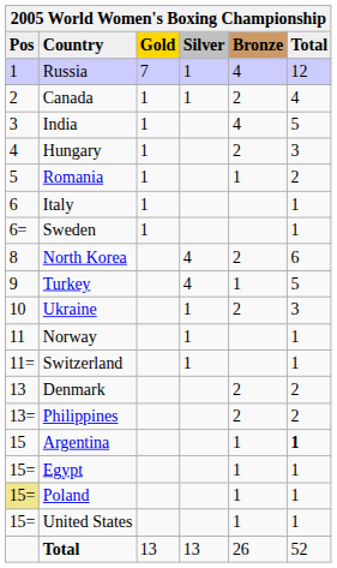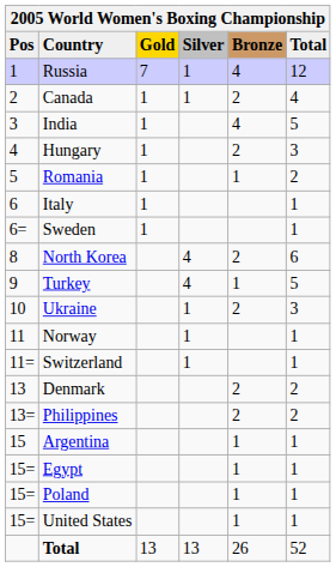 <table class="wikitable">
 <tr>
 <th colspan=7 style="border-right:0px;";><strong>2005 World Women's Boxing Championship</strong></th>
 </tr>
 <tr bgcolor="#efefef">
 <td><strong>Pos</strong></td>
 <td><strong>Country</strong></td>
 <td bgcolor="gold"><strong>Gold</strong></td>
 <td bgcolor="silver"><strong>Silver</strong></td>
 <td bgcolor="CC9966"><strong>Bronze</strong></td>
 <td><strong>Total</strong></td>
 </tr>
 <tr style="background:#ccccff">
 <td>1</td>
 <td> Russia</td>
 <td>7</td>
 <td>1</td>
 <td>4</td>
 <td>12</td>
 </tr>
 <tr>
 <td>2</td>
 <td> Canada</td>
 <td>1</td>
 <td>1</td>
 <td>2</td>
 <td>4</td>
 </tr>
 <tr>
 <td>3</td>
 <td> India</td>
 <td>1</td>
 <td></td>
 <td>4</td>
 <td>5</td>
 </tr>
 <tr>
 <td>4</td>
 <td> Hungary</td>
 <td>1</td>
 <td></td>
 <td>2</td>
 <td>3</td>
 </tr>
 <tr>
 <td>5</td>
 <td> <a href='#'>Romania</a></td>
 <td>1</td>
 <td></td>
 <td>1</td>
 <td>2</td>
 </tr>
 <tr>
 <td>6</td>
 <td> Italy</td>
 <td>1</td>
 <td></td>
 <td></td>
 <td>1</td>
 </tr>
 <tr>
 <td>6=</td>
 <td> Sweden</td>
 <td>1</td>
 <td></td>
 <td></td>
 <td>1</td>
 </tr>
 <tr>
 <td>8</td>
 <td> <a href='#'>North Korea</a></td>
 <td></td>
 <td>4</td>
 <td>2</td>
 <td>6</td>
 </tr>
 <tr>
 <td>9</td>
 <td> <a href='#'>Turkey</a></td>
 <td></td>
 <td>4</td>
 <td>1</td>
 <td>5</td>
 </tr>
 <tr>
 <td>10</td>
 <td> <a href='#'>Ukraine</a></td>
 <td></td>
 <td>1</td>
 <td>2</td>
 <td>3</td>
 </tr>
 <tr>
 <td>11</td>
 <td> Norway</td>
 <td></td>
 <td>1</td>
 <td></td>
 <td>1</td>
 </tr>
 <tr>
 <td>11=</td>
 <td> Switzerland</td>
 <td></td>
 <td>1</td>
 <td></td>
 <td>1</td>
 </tr>
 <tr>
 <td>13</td>
 <td> Denmark</td>
 <td></td>
 <td></td>
 <td>2</td>
 <td>2</td>
 </tr>
 <tr>
 <td>13=</td>
 <td> <a href='#'>Philippines</a></td>
 <td></td>
 <td></td>
 <td>2</td>
 <td>2</td>
 </tr>
 <tr>
 <td>15</td>
 <td> <a href='#'>Argentina</a></td>
 <td></td>
 <td></td>
 <td>1</td>
-<td><strong>1</strong></td>
+<td>1</td>
 </tr>
 <tr>
 <td>15=</td>
 <td> <a href='#'>Egypt</a></td>
 <td></td>
 <td></td>
 <td>1</td>
 <td>1</td>
 </tr>
 <tr>
-<td style="background: khaki;">15=</td>
+<td>15=</td>
 <td> <a href='#'>Poland</a></td>
 <td></td>
 <td></td>
 <td>1</td>
 <td>1</td>
 </tr>
 <tr>
 <td>15=</td>
 <td> United States</td>
 <td></td>
 <td></td>
 <td>1</td>
 <td>1</td>
 </tr>
 <tr>
 <td></td>
 <td><strong>Total</strong></td>
 <td>13</td>
 <td>13</td>
 <td>26</td>
 <td>52</td>
 </tr>
 </table>
